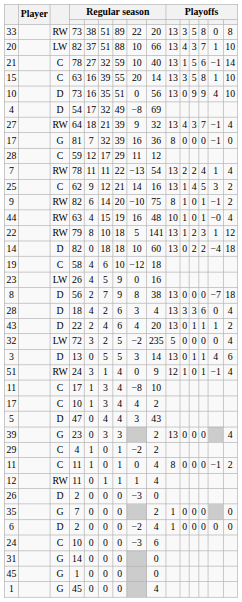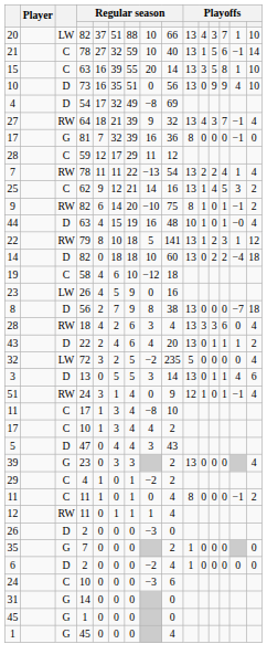 <table class="wikitable sortable plainrowheaders" style="text-align:center;">
 <tr>
 <th scope="col" data-sort-type="number" rowspan="2"></th>
 <th scope="col" rowspan="2">Player</th>
 <th scope="col" rowspan="2"></th>
 <th scope=colgroup colspan=6>Regular season</th>
 <th scope=colgroup colspan=6>Playoffs</th>
 </tr>
 <tr>
 <th scope="col" data-sort-type="number"></th>
 <th scope="col" data-sort-type="number"></th>
 <th scope="col" data-sort-type="number"></th>
 <th scope="col" data-sort-type="number"></th>
 <th scope="col" data-sort-type="number"></th>
 <th scope="col" data-sort-type="number"></th>
 <th scope="col" data-sort-type="number"></th>
 <th scope="col" data-sort-type="number"></th>
 <th scope="col" data-sort-type="number"></th>
 <th scope="col" data-sort-type="number"></th>
 <th scope="col" data-sort-type="number"></th>
 <th scope="col" data-sort-type="number"></th>
-</tr>
-<tr>
-<td scope="row">33</td>
-<td align="left"></td>
-<td>RW</td>
-<td>73</td>
-<td>38</td>
-<td>51</td>
-<td>89</td>
-<td>22</td>
-<td>20</td>
-<td>13</td>
-<td>3</td>
-<td>5</td>
-<td>8</td>
-<td>0</td>
-<td>8</td>
 </tr>
 <tr>
 <td scope="row">20</td>
 <td align="left"></td>
 <td>LW</td>
 <td>82</td>
 <td>37</td>
 <td>51</td>
 <td>88</td>
 <td>10</td>
 <td>66</td>
 <td>13</td>
 <td>4</td>
 <td>3</td>
 <td>7</td>
 <td>1</td>
 <td>10</td>
 </tr>
 <tr>
 <td scope="row">21</td>
 <td align="left"></td>
 <td>C</td>
 <td>78</td>
 <td>27</td>
 <td>32</td>
 <td>59</td>
 <td>10</td>
 <td>40</td>
 <td>13</td>
 <td>1</td>
 <td>5</td>
 <td>6</td>
 <td>−1</td>
 <td>14</td>
 </tr>
 <tr>
 <td scope="row">15</td>
 <td align="left"></td>
 <td>C</td>
 <td>63</td>
 <td>16</td>
 <td>39</td>
 <td>55</td>
 <td>20</td>
 <td>14</td>
 <td>13</td>
 <td>3</td>
 <td>5</td>
 <td>8</td>
 <td>1</td>
 <td>10</td>
 </tr>
 <tr>
 <td scope="row">10</td>
 <td align="left"></td>
 <td>D</td>
 <td>73</td>
 <td>16</td>
 <td>35</td>
 <td>51</td>
 <td>0</td>
 <td>56</td>
 <td>13</td>
 <td>0</td>
 <td>9</td>
 <td>9</td>
 <td>4</td>
 <td>10</td>
 </tr>
 <tr>
 <td scope="row">4</td>
 <td align="left"></td>
 <td>D</td>
 <td>54</td>
 <td>17</td>
 <td>32</td>
 <td>49</td>
 <td>−8</td>
 <td>69</td>
 <td></td>
 <td></td>
 <td></td>
 <td></td>
 <td></td>
 <td></td>
 </tr>
 <tr>
 <td scope="row">27</td>
 <td align="left"></td>
 <td>RW</td>
 <td>64</td>
 <td>18</td>
 <td>21</td>
 <td>39</td>
 <td>9</td>
 <td>32</td>
 <td>13</td>
 <td>4</td>
 <td>3</td>
 <td>7</td>
 <td>−1</td>
 <td>4</td>
 </tr>
 <tr>
 <td scope="row">17</td>
 <td align="left"></td>
 <td>G</td>
 <td>81</td>
 <td>7</td>
 <td>32</td>
 <td>39</td>
 <td>16</td>
 <td>36</td>
 <td>8</td>
 <td>0</td>
 <td>0</td>
 <td>0</td>
 <td>−1</td>
 <td>0</td>
 </tr>
 <tr>
 <td scope="row">28</td>
 <td align="left"></td>
 <td>C</td>
 <td>59</td>
 <td>12</td>
 <td>17</td>
 <td>29</td>
 <td>11</td>
 <td>12</td>
 <td></td>
 <td></td>
 <td></td>
 <td></td>
 <td></td>
 <td></td>
 </tr>
 <tr>
 <td scope="row">7</td>
 <td align="left"></td>
 <td>RW</td>
 <td>78</td>
 <td>11</td>
 <td>11</td>
 <td>22</td>
 <td>−13</td>
 <td>54</td>
 <td>13</td>
 <td>2</td>
 <td>2</td>
 <td>4</td>
 <td>1</td>
 <td>4</td>
 </tr>
 <tr>
 <td scope="row">25</td>
 <td align="left"></td>
 <td>C</td>
 <td>62</td>
 <td>9</td>
 <td>12</td>
 <td>21</td>
 <td>14</td>
 <td>16</td>
 <td>13</td>
 <td>1</td>
 <td>4</td>
 <td>5</td>
 <td>3</td>
 <td>2</td>
 </tr>
 <tr>
 <td scope="row">9</td>
 <td align="left"></td>
 <td>RW</td>
 <td>82</td>
 <td>6</td>
 <td>14</td>
 <td>20</td>
 <td>−10</td>
 <td>75</td>
 <td>8</td>
 <td>1</td>
 <td>0</td>
 <td>1</td>
 <td>−1</td>
 <td>2</td>
 </tr>
 <tr>
 <td scope="row">44</td>
 <td align="left"></td>
-<td>RW</td>
+<td>D</td>
 <td>63</td>
 <td>4</td>
 <td>15</td>
 <td>19</td>
 <td>16</td>
 <td>48</td>
 <td>10</td>
 <td>1</td>
 <td>0</td>
 <td>1</td>
 <td>−0</td>
 <td>4</td>
 </tr>
 <tr>
 <td scope="row">22</td>
 <td align="left"></td>
 <td>RW</td>
 <td>79</td>
 <td>8</td>
 <td>10</td>
 <td>18</td>
 <td>5</td>
 <td>141</td>
 <td>13</td>
 <td>1</td>
 <td>2</td>
 <td>3</td>
 <td>1</td>
 <td>12</td>
 </tr>
 <tr>
 <td scope="row">14</td>
 <td align="left"></td>
 <td>D</td>
 <td>82</td>
 <td>0</td>
 <td>18</td>
 <td>18</td>
 <td>10</td>
 <td>60</td>
 <td>13</td>
 <td>0</td>
 <td>2</td>
 <td>2</td>
 <td>−4</td>
 <td>18</td>
 </tr>
 <tr>
 <td scope="row">19</td>
 <td align="left"></td>
 <td>C</td>
 <td>58</td>
 <td>4</td>
 <td>6</td>
 <td>10</td>
 <td>−12</td>
 <td>18</td>
 <td></td>
 <td></td>
 <td></td>
 <td></td>
 <td></td>
 <td></td>
 </tr>
 <tr>
 <td scope="row">23</td>
 <td align="left"></td>
 <td>LW</td>
 <td>26</td>
 <td>4</td>
 <td>5</td>
 <td>9</td>
 <td>0</td>
 <td>16</td>
 <td></td>
 <td></td>
 <td></td>
 <td></td>
 <td></td>
 <td></td>
 </tr>
 <tr>
 <td scope="row">8</td>
 <td align="left"></td>
 <td>D</td>
 <td>56</td>
 <td>2</td>
 <td>7</td>
 <td>9</td>
 <td>8</td>
 <td>38</td>
 <td>13</td>
 <td>0</td>
 <td>0</td>
 <td>0</td>
 <td>−7</td>
 <td>18</td>
 </tr>
 <tr>
 <td scope="row">28</td>
 <td align="left"></td>
-<td>D</td>
+<td>RW</td>
 <td>18</td>
 <td>4</td>
 <td>2</td>
 <td>6</td>
 <td>3</td>
 <td>4</td>
 <td>13</td>
 <td>3</td>
 <td>3</td>
 <td>6</td>
 <td>0</td>
 <td>4</td>
 </tr>
 <tr>
 <td scope="row">43</td>
 <td align="left"></td>
 <td>D</td>
 <td>22</td>
 <td>2</td>
 <td>4</td>
 <td>6</td>
 <td>4</td>
 <td>20</td>
 <td>13</td>
 <td>0</td>
 <td>1</td>
 <td>1</td>
 <td>1</td>
 <td>2</td>
 </tr>
 <tr>
 <td scope="row">32</td>
 <td align="left"></td>
 <td>LW</td>
 <td>72</td>
 <td>3</td>
 <td>2</td>
 <td>5</td>
 <td>−2</td>
 <td>235</td>
 <td>5</td>
 <td>0</td>
 <td>0</td>
 <td>0</td>
 <td>0</td>
 <td>4</td>
 </tr>
 <tr>
 <td scope="row">3</td>
 <td align="left"></td>
 <td>D</td>
 <td>13</td>
 <td>0</td>
 <td>5</td>
 <td>5</td>
 <td>3</td>
 <td>14</td>
 <td>13</td>
 <td>0</td>
 <td>1</td>
 <td>1</td>
 <td>4</td>
 <td>6</td>
 </tr>
 <tr>
 <td scope="row">51</td>
 <td align="left"></td>
 <td>RW</td>
 <td>24</td>
 <td>3</td>
 <td>1</td>
 <td>4</td>
 <td>0</td>
 <td>9</td>
 <td>12</td>
 <td>1</td>
 <td>0</td>
 <td>1</td>
 <td>−1</td>
 <td>4</td>
 </tr>
 <tr>
 <td scope="row">11</td>
 <td align="left"></td>
 <td>C</td>
 <td>17</td>
 <td>1</td>
 <td>3</td>
 <td>4</td>
 <td>−8</td>
 <td>10</td>
 <td></td>
 <td></td>
 <td></td>
 <td></td>
 <td></td>
 <td></td>
 </tr>
 <tr>
 <td scope="row">17</td>
 <td align="left"></td>
 <td>C</td>
 <td>10</td>
 <td>1</td>
 <td>3</td>
 <td>4</td>
 <td>4</td>
 <td>2</td>
 <td></td>
 <td></td>
 <td></td>
 <td></td>
 <td></td>
 <td></td>
 </tr>
 <tr>
 <td scope="row">5</td>
 <td align="left"></td>
 <td>D</td>
 <td>47</td>
 <td>0</td>
 <td>4</td>
 <td>4</td>
 <td>3</td>
 <td>43</td>
 <td></td>
 <td></td>
 <td></td>
 <td></td>
 <td></td>
 <td></td>
 </tr>
 <tr>
 <td scope="row">39</td>
 <td align="left"></td>
 <td>G</td>
 <td>23</td>
 <td>0</td>
 <td>3</td>
 <td>3</td>
 <td style="background:#ccc"></td>
 <td>2</td>
 <td>13</td>
 <td>0</td>
 <td>0</td>
 <td>0</td>
 <td style="background:#ccc"></td>
 <td>4</td>
 </tr>
 <tr>
 <td scope="row">29</td>
 <td align="left"></td>
 <td>C</td>
 <td>4</td>
 <td>1</td>
 <td>0</td>
 <td>1</td>
 <td>−2</td>
 <td>2</td>
 <td></td>
 <td></td>
 <td></td>
 <td></td>
 <td></td>
 <td></td>
 </tr>
 <tr>
 <td scope="row">11</td>
 <td align="left"></td>
 <td>C</td>
 <td>11</td>
 <td>1</td>
 <td>0</td>
 <td>1</td>
 <td>0</td>
 <td>4</td>
 <td>8</td>
 <td>0</td>
 <td>0</td>
 <td>0</td>
 <td>−1</td>
 <td>2</td>
 </tr>
 <tr>
 <td scope="row">12</td>
 <td align="left"></td>
 <td>RW</td>
 <td>11</td>
 <td>0</td>
 <td>1</td>
 <td>1</td>
 <td>1</td>
 <td>4</td>
 <td></td>
 <td></td>
 <td></td>
 <td></td>
 <td></td>
 <td></td>
 </tr>
 <tr>
 <td scope="row">26</td>
 <td align="left"></td>
 <td>D</td>
 <td>2</td>
 <td>0</td>
 <td>0</td>
 <td>0</td>
 <td>−3</td>
 <td>0</td>
 <td></td>
 <td></td>
 <td></td>
 <td></td>
 <td></td>
 <td></td>
 </tr>
 <tr>
 <td scope="row">35</td>
 <td align="left"></td>
 <td>G</td>
 <td>7</td>
 <td>0</td>
 <td>0</td>
 <td>0</td>
 <td style="background:#ccc"></td>
 <td>2</td>
 <td>1</td>
 <td>0</td>
 <td>0</td>
 <td>0</td>
 <td style="background:#ccc"></td>
 <td>0</td>
 </tr>
 <tr>
 <td scope="row">6</td>
 <td align="left"></td>
 <td>D</td>
 <td>2</td>
 <td>0</td>
 <td>0</td>
 <td>0</td>
 <td>−2</td>
 <td>4</td>
 <td>1</td>
 <td>0</td>
 <td>0</td>
 <td>0</td>
 <td>0</td>
 <td>0</td>
 </tr>
 <tr>
 <td scope="row">24</td>
 <td align="left"></td>
 <td>C</td>
 <td>10</td>
 <td>0</td>
 <td>0</td>
 <td>0</td>
 <td>−3</td>
 <td>6</td>
 <td></td>
 <td></td>
 <td></td>
 <td></td>
 <td></td>
 <td></td>
 </tr>
 <tr>
 <td scope="row">31</td>
 <td align="left"></td>
 <td>G</td>
 <td>14</td>
 <td>0</td>
 <td>0</td>
 <td>0</td>
 <td style="background:#ccc"></td>
 <td>0</td>
 <td></td>
 <td></td>
 <td></td>
 <td></td>
 <td></td>
 <td></td>
 </tr>
 <tr>
 <td scope="row">45</td>
 <td align="left"></td>
 <td>G</td>
 <td>1</td>
 <td>0</td>
 <td>0</td>
 <td>0</td>
 <td style="background:#ccc"></td>
 <td>0</td>
 <td></td>
 <td></td>
 <td></td>
 <td></td>
 <td></td>
 <td></td>
 </tr>
 <tr>
 <td scope="row">1</td>
 <td align="left"></td>
 <td>G</td>
 <td>45</td>
 <td>0</td>
 <td>0</td>
 <td>0</td>
 <td style="background:#ccc"></td>
 <td>4</td>
 <td></td>
 <td></td>
 <td></td>
 <td></td>
 <td></td>
 <td></td>
 </tr>
 </table>
